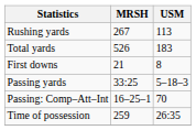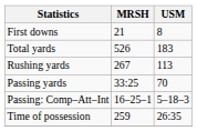 <table class="wikitable" style="float: left;">
 <tr>
 <th>Statistics</th>
 <th>MRSH</th>
 <th>USM</th>
 </tr>
 <tr>
-<td>Rushing yards</td>
-<td>267</td>
-<td>113</td>
+<td>First downs</td>
+<td>21</td>
+<td>8</td>
 </tr>
 <tr>
 <td>Total yards</td>
 <td>526</td>
 <td>183</td>
 </tr>
 <tr>
-<td>First downs</td>
-<td>21</td>
-<td>8</td>
+<td>Rushing yards</td>
+<td>267</td>
+<td>113</td>
 </tr>
 <tr>
 <td>Passing yards</td>
 <td>33:25</td>
-<td>5–18–3</td>
+<td>70</td>
 </tr>
 <tr>
 <td>Passing: Comp–Att–Int</td>
 <td>16–25–1</td>
-<td>70</td>
+<td>5–18–3</td>
 </tr>
 <tr>
 <td>Time of possession</td>
 <td>259</td>
 <td>26:35</td>
 </tr>
 <tr>
 </tr>
 </table>
